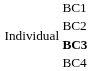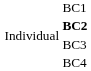 <table>
 <tr>
 <td rowspan=4>Individual</td>
 <td>BC1<br></td>
 <td></td>
 <td></td>
 <td></td>
 </tr>
 <tr>
-<td>BC2<br></td>
+<td><strong>BC2<br></strong></td>
 <td></td>
 <td></td>
 <td></td>
 </tr>
 <tr>
-<td><strong>BC3<br></strong></td>
+<td>BC3<br></td>
 <td></td>
 <td></td>
 <td></td>
 </tr>
 <tr>
 <td>BC4<br></td>
 <td></td>
 <td></td>
 <td></td>
 </tr>
 </table>
